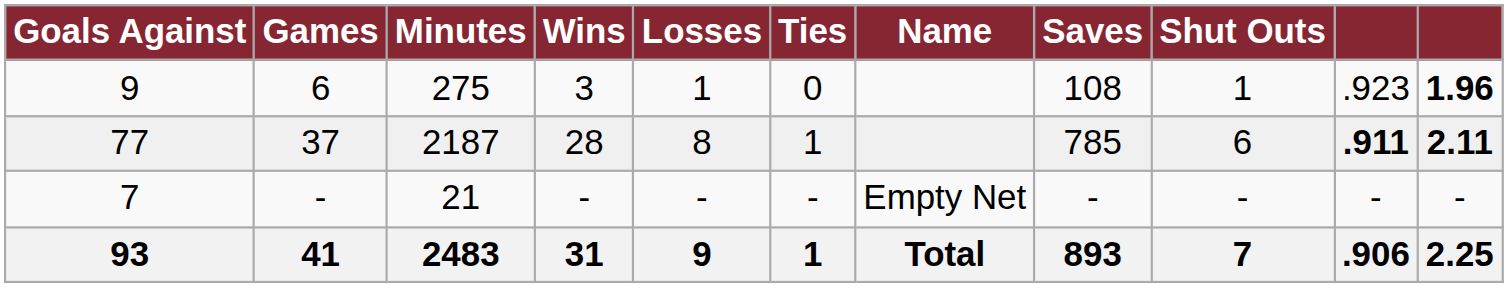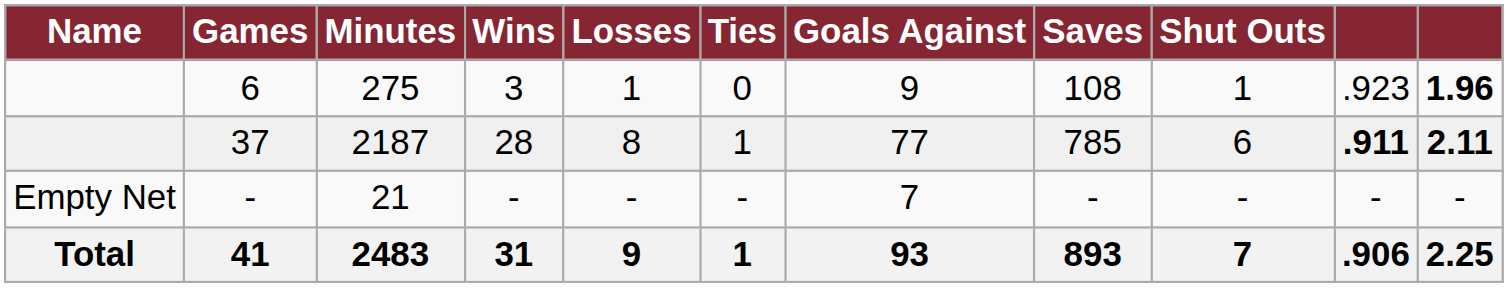 <table class="wikitable sortable">
 <tr align="center">
-<th style="color:white; background:#862633; ">Goals Against</th>
+<th style="color:white; background:#862633; ">Name</th>
 <th style="color:white; background:#862633; ">Games</th>
 <th style="color:white; background:#862633; ">Minutes</th>
 <th style="color:white; background:#862633; ">Wins</th>
 <th style="color:white; background:#862633; ">Losses</th>
 <th style="color:white; background:#862633; ">Ties</th>
-<th style="color:white; background:#862633; ">Name</th>
+<th style="color:white; background:#862633; ">Goals Against</th>
 <th style="color:white; background:#862633; ">Saves</th>
 <th style="color:white; background:#862633; ">Shut Outs</th>
 <th style="color:white; background:#862633; "><a href='#'></a></th>
 <th style="color:white; background:#862633; "><a href='#'></a></th>
 </tr>
 <tr align="center" bgcolor="">
-<td>9</td>
+<td></td>
 <td>6</td>
 <td>275</td>
 <td>3</td>
 <td>1</td>
 <td>0</td>
-<td></td>
+<td>9</td>
 <td>108</td>
 <td>1</td>
 <td>.923</td>
 <td><strong>1.96</strong></td>
 </tr>
 <tr align="center" bgcolor="f0f0f0">
-<td>77</td>
+<td></td>
 <td>37</td>
 <td>2187</td>
 <td>28</td>
 <td>8</td>
 <td>1</td>
-<td></td>
+<td>77</td>
 <td>785</td>
 <td>6</td>
 <td><strong>.911</strong></td>
 <td><strong>2.11</strong></td>
 </tr>
 <tr align="center" bgcolor="">
-<td>7</td>
+<td>Empty Net</td>
 <td>-</td>
 <td>21</td>
 <td>-</td>
 <td>-</td>
 <td>-</td>
-<td>Empty Net</td>
+<td>7</td>
 <td>-</td>
 <td>-</td>
 <td>-</td>
 <td>-</td>
 </tr>
 <tr>
-<th>93</th>
+<th>Total</th>
 <th>41</th>
 <th>2483</th>
 <th>31</th>
 <th>9</th>
 <th>1</th>
-<th>Total</th>
+<th>93</th>
 <th>893</th>
 <th>7</th>
 <th>.906</th>
 <th>2.25</th>
 </tr>
 </table>
